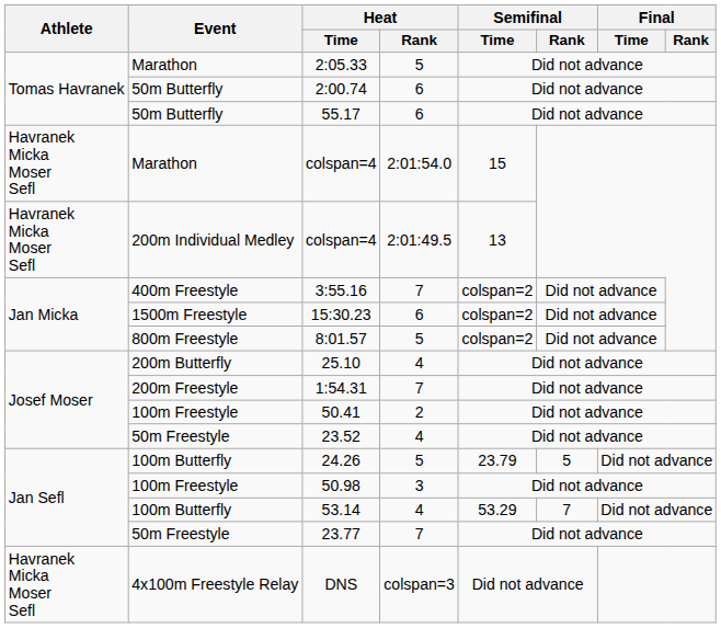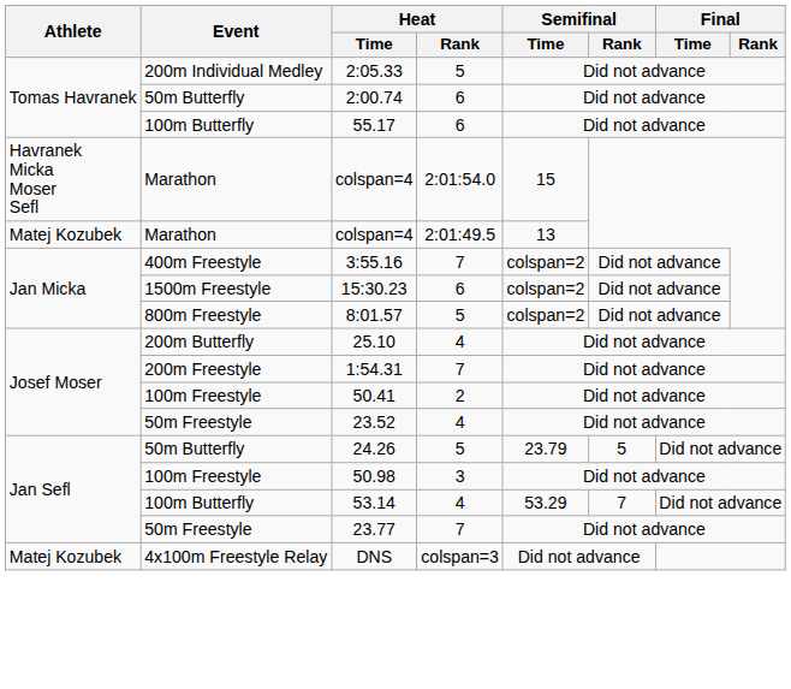 <table class=wikitable style="font-size:90%">
 <tr>
 <th rowspan="2">Athlete</th>
 <th rowspan="2">Event</th>
 <th colspan="2">Heat</th>
 <th colspan="2">Semifinal</th>
 <th colspan="2">Final</th>
 </tr>
 <tr style="font-size:95%">
 <th>Time</th>
 <th>Rank</th>
 <th>Time</th>
 <th>Rank</th>
 <th>Time</th>
 <th>Rank</th>
 </tr>
 <tr align=center>
 <td align=left rowspan=3>Tomas Havranek</td>
-<td align=left>Marathon</td>
+<td align=left>200m Individual Medley</td>
 <td>2:05.33</td>
 <td>5</td>
 <td colspan=4>Did not advance</td>
 </tr>
 <tr align=center>
 <td align=left>50m Butterfly</td>
 <td>2:00.74</td>
 <td>6</td>
 <td colspan=4>Did not advance</td>
 </tr>
 <tr align=center>
-<td align=left>50m Butterfly</td>
+<td align=left>100m Butterfly</td>
 <td>55.17</td>
 <td>6</td>
 <td colspan=4>Did not advance</td>
 </tr>
 <tr align=center>
 <td align=left>Havranek<br>Micka<br>Moser<br>Sefl</td>
 <td align=left>Marathon</td>
 <td>colspan=4 </td>
 <td>2:01:54.0</td>
 <td>15</td>
 </tr>
 <tr align=center>
-<td align=left>Havranek<br>Micka<br>Moser<br>Sefl</td>
-<td align=left>200m Individual Medley</td>
+<td align=left>Matej Kozubek</td>
+<td align=left>Marathon</td>
 <td>colspan=4 </td>
 <td>2:01:49.5</td>
 <td>13</td>
 </tr>
 <tr align=center>
 <td align=left rowspan=3>Jan Micka</td>
 <td align=left>400m Freestyle</td>
 <td>3:55.16</td>
 <td>7</td>
 <td>colspan=2 </td>
 <td colspan=2>Did not advance</td>
 </tr>
 <tr align=center>
 <td align=left>1500m Freestyle</td>
 <td>15:30.23</td>
 <td>6</td>
 <td>colspan=2 </td>
 <td colspan=2>Did not advance</td>
 </tr>
 <tr align=center>
 <td align=left>800m Freestyle</td>
 <td>8:01.57</td>
 <td>5</td>
 <td>colspan=2 </td>
 <td colspan=2>Did not advance</td>
 </tr>
 <tr align=center>
 <td align=left rowspan=4>Josef Moser</td>
 <td align=left>200m Butterfly</td>
 <td>25.10</td>
 <td>4</td>
 <td colspan=4>Did not advance</td>
 </tr>
 <tr align=center>
 <td align=left>200m Freestyle</td>
 <td>1:54.31</td>
 <td>7</td>
 <td colspan=4>Did not advance</td>
 </tr>
 <tr align=center>
 <td align=left>100m Freestyle</td>
 <td>50.41</td>
 <td>2</td>
 <td colspan=4>Did not advance</td>
 </tr>
 <tr align=center>
 <td align=left>50m Freestyle</td>
 <td>23.52</td>
 <td>4</td>
 <td colspan=4>Did not advance</td>
 </tr>
 <tr align=center>
 <td align=left rowspan=4>Jan Sefl</td>
-<td align=left>100m Butterfly</td>
+<td align=left>50m Butterfly</td>
 <td>24.26</td>
 <td>5</td>
 <td>23.79</td>
 <td>5</td>
 <td colspan=2>Did not advance</td>
 </tr>
 <tr align=center>
 <td align=left>100m Freestyle</td>
 <td>50.98</td>
 <td>3</td>
 <td colspan=4>Did not advance</td>
 </tr>
 <tr align=center>
 <td align=left>100m Butterfly</td>
 <td>53.14</td>
 <td>4</td>
 <td>53.29</td>
 <td>7</td>
 <td colspan=2>Did not advance</td>
 </tr>
 <tr align=center>
 <td align=left>50m Freestyle</td>
 <td>23.77</td>
 <td>7</td>
 <td colspan=4>Did not advance</td>
 </tr>
 <tr align=center>
-<td align=left>Havranek<br>Micka<br>Moser<br>Sefl</td>
+<td align=left>Matej Kozubek</td>
 <td align=left>4x100m Freestyle Relay</td>
 <td>DNS</td>
 <td>colspan=3 </td>
 <td colspan=2>Did not advance</td>
 </tr>
 </table>
